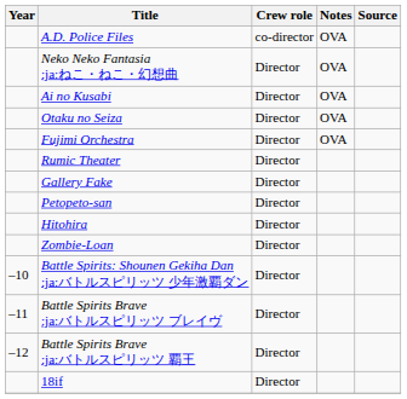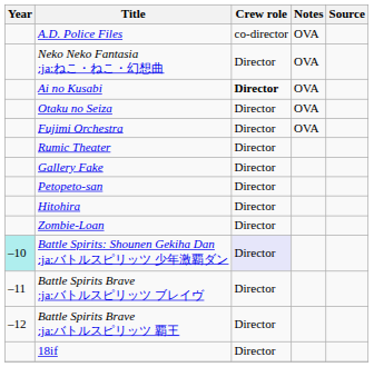 <table class="wikitable sortable plainrowheaders">
 <tr>
 <th>Year</th>
 <th>Title</th>
 <th>Crew role</th>
 <th class="unsortable">Notes</th>
 <th class="unsortable">Source</th>
 </tr>
 <tr>
 <td></td>
 <td><em><a href='#'>A.D. Police Files</a></em></td>
 <td>co-director</td>
 <td>OVA</td>
 <td></td>
 </tr>
 <tr>
 <td></td>
 <td><em>Neko Neko Fantasia</em><br><a href='#'>:ja:ねこ・ねこ・幻想曲</a></td>
 <td> Director</td>
 <td>OVA</td>
 <td></td>
 </tr>
 <tr>
 <td></td>
 <td><em><a href='#'>Ai no Kusabi</a></em></td>
-<td> Director</td>
+<td><strong> Director</strong></td>
 <td>OVA</td>
 <td></td>
 </tr>
 <tr>
 <td></td>
 <td><em><a href='#'>Otaku no Seiza</a></em></td>
 <td> Director</td>
 <td>OVA</td>
 <td></td>
 </tr>
 <tr>
 <td></td>
 <td><em><a href='#'>Fujimi Orchestra</a></em></td>
 <td>Director</td>
 <td>OVA</td>
 <td></td>
 </tr>
 <tr>
 <td></td>
 <td><em><a href='#'>Rumic Theater</a></em></td>
 <td> Director</td>
 <td></td>
 <td></td>
 </tr>
 <tr>
 <td></td>
 <td><em><a href='#'>Gallery Fake</a></em></td>
 <td> Director</td>
 <td></td>
 <td></td>
 </tr>
 <tr>
 <td></td>
 <td><em><a href='#'>Petopeto-san</a></em></td>
 <td> Director</td>
 <td></td>
 <td></td>
 </tr>
 <tr>
 <td></td>
 <td><em><a href='#'>Hitohira</a></em></td>
 <td> Director</td>
 <td></td>
 <td></td>
 </tr>
 <tr>
 <td></td>
 <td><em><a href='#'>Zombie-Loan</a></em></td>
 <td> Director</td>
 <td></td>
 <td></td>
 </tr>
 <tr>
-<td>–10</td>
+<td style="background: paleturquoise;">–10</td>
 <td><em><a href='#'>Battle Spirits: Shounen Gekiha Dan</a></em><br><a href='#'>:ja:バトルスピリッツ 少年激覇ダン</a></td>
-<td> Director</td>
+<td style="background: lavender;"> Director</td>
 <td></td>
 <td></td>
 </tr>
 <tr>
 <td>–11</td>
 <td><em>Battle Spirits Brave</em><br><a href='#'>:ja:バトルスピリッツ ブレイヴ</a></td>
 <td> Director</td>
 <td></td>
 <td></td>
 </tr>
 <tr>
 <td>–12</td>
 <td><em>Battle Spirits Brave</em><br><a href='#'>:ja:バトルスピリッツ 覇王</a><em></td>
 <td> Director</td>
 <td></td>
 <td></td>
 </tr>
 <tr>
 <td></td>
 <td></em><a href='#'>18if</a><em></td>
 <td> Director</td>
 <td></td>
 <td></td>
 </tr>
 <tr>
 </tr>
 </table>
